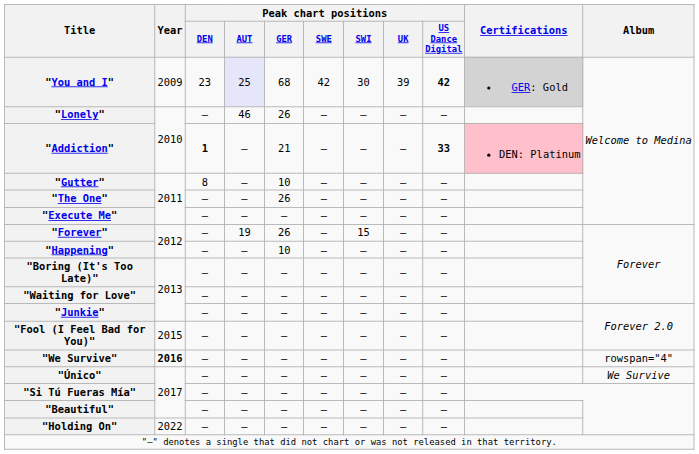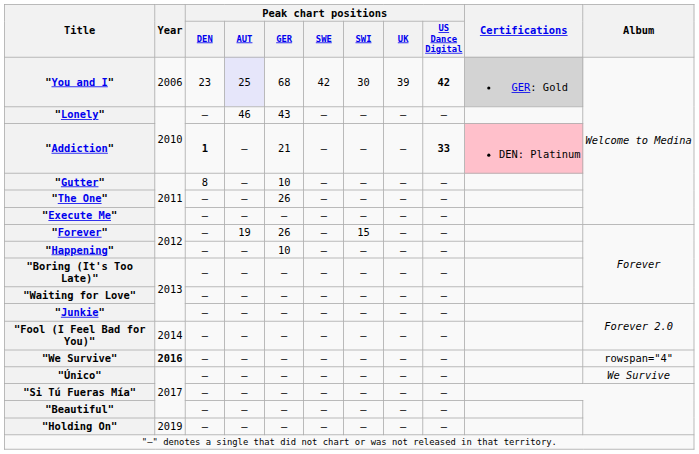 <table class="wikitable plainrowheaders" style="text-align:center;" border="1">
 <tr>
 <th scope="col" rowspan="2" style="width:14em;">Title</th>
 <th scope="col" rowspan="2" style="width:1em;">Year</th>
 <th scope="col" colspan="7">Peak chart positions</th>
 <th scope="col" rowspan="2"><a href='#'>Certifications</a></th>
 <th scope="col" rowspan="2">Album</th>
 </tr>
 <tr>
 <th scope="col" style="width:4em;font-size:85%"><a href='#'>DEN</a><br></th>
 <th scope="col" style="width:4em;font-size:85%"><a href='#'>AUT</a><br></th>
 <th scope="col" style="width:4em;font-size:85%"><a href='#'>GER</a><br></th>
 <th scope="col" style="width:4em;font-size:85%"><a href='#'>SWE</a><br></th>
 <th scope="col" style="width:4em;font-size:85%"><a href='#'>SWI</a><br></th>
 <th scope="col" style="width:4em;font-size:85%"><a href='#'>UK</a><br></th>
 <th scope="col" style="width:4em;font-size:85%"><a href='#'>US<br>Dance Digital</a><br></th>
 </tr>
 <tr>
 <th scope="row">"<a href='#'>You and I</a>"</th>
-<td>2009</td>
+<td>2006</td>
 <td>23</td>
 <td style="background: lavender;">25</td>
 <td>68</td>
 <td>42</td>
 <td>30</td>
 <td>39</td>
 <td><strong>42</strong></td>
 <td style="background: lightgrey;"><br><ul><li><a href='#'>GER</a>: Gold</li></ul></td>
 <td rowspan="6"><em>Welcome to Medina</em><br></td>
 </tr>
 <tr>
 <th scope="row">"<a href='#'>Lonely</a>"</th>
 <td rowspan="2">2010</td>
 <td>—</td>
 <td>46</td>
-<td>26</td>
+<td>43</td>
 <td>—</td>
 <td>—</td>
 <td>—</td>
 <td>—</td>
 <td></td>
 </tr>
 <tr>
 <th scope="row">"<a href='#'>Addiction</a>"</th>
 <td><strong>1</strong></td>
 <td>—</td>
 <td>21</td>
 <td>—</td>
 <td>—</td>
 <td>—</td>
 <td><strong>33</strong></td>
 <td style="background: pink;"><br><ul><li>DEN: Platinum</li></ul></td>
 </tr>
 <tr>
 <th scope="row">"<a href='#'>Gutter</a>"</th>
 <td rowspan="3">2011</td>
 <td>8</td>
 <td>—</td>
 <td>10</td>
 <td>—</td>
 <td>—</td>
 <td>—</td>
 <td>—</td>
 <td></td>
 </tr>
 <tr>
 <th scope="row">"<a href='#'>The One</a>"</th>
 <td>—</td>
 <td>—</td>
 <td>26</td>
 <td>—</td>
 <td>—</td>
 <td>—</td>
 <td>—</td>
 <td></td>
 </tr>
 <tr>
 <th scope="row">"<a href='#'>Execute Me</a>"</th>
 <td>—</td>
 <td>—</td>
 <td>—</td>
 <td>—</td>
 <td>—</td>
 <td>—</td>
 <td>—</td>
 <td></td>
 </tr>
 <tr>
 <th scope="row">"<a href='#'>Forever</a>"</th>
 <td rowspan="2">2012</td>
 <td>—</td>
 <td>19</td>
 <td>26</td>
 <td>—</td>
 <td>15</td>
 <td>—</td>
 <td>—</td>
 <td></td>
 <td rowspan="4"><em>Forever</em></td>
 </tr>
 <tr>
 <th scope="row">"<a href='#'>Happening</a>"</th>
 <td>—</td>
 <td>—</td>
 <td>10</td>
 <td>—</td>
 <td>—</td>
 <td>—</td>
 <td>—</td>
 <td></td>
 </tr>
 <tr>
 <th scope="row">"Boring (It's Too Late)"</th>
 <td rowspan="3">2013</td>
 <td>—</td>
 <td>—</td>
 <td>—</td>
 <td>—</td>
 <td>—</td>
 <td>—</td>
 <td>—</td>
 <td></td>
 </tr>
 <tr>
 <th scope="row">"Waiting for Love"</th>
 <td>—</td>
 <td>—</td>
 <td>—</td>
 <td>—</td>
 <td>—</td>
 <td>—</td>
 <td>—</td>
 <td></td>
 </tr>
 <tr>
 <th scope="row">"<a href='#'>Junkie</a>" <br></th>
 <td>—</td>
 <td>—</td>
 <td>—</td>
 <td>—</td>
 <td>—</td>
 <td>—</td>
 <td>—</td>
 <td></td>
 <td rowspan="2"><em>Forever 2.0</em></td>
 </tr>
 <tr>
 <th scope="row">"Fool (I Feel Bad for You)"</th>
-<td>2015</td>
+<td>2014</td>
 <td>—</td>
 <td>—</td>
 <td>—</td>
 <td>—</td>
 <td>—</td>
 <td>—</td>
 <td>—</td>
 <td></td>
 </tr>
 <tr>
 <th scope="row">"We Survive"</th>
 <td><strong>2016</strong></td>
 <td>—</td>
 <td>—</td>
 <td>—</td>
 <td>—</td>
 <td>—</td>
 <td>—</td>
 <td>—</td>
 <td></td>
 <td>rowspan="4" </td>
 </tr>
 <tr>
 <th scope="row">"Único"</th>
 <td rowspan=3>2017</td>
 <td>—</td>
 <td>—</td>
 <td>—</td>
 <td>—</td>
 <td>—</td>
 <td>—</td>
 <td>—</td>
 <td></td>
 <td><em>We Survive</em></td>
 </tr>
 <tr>
 <th scope="row">"Si Tú Fueras Mía"<br></th>
 <td>—</td>
 <td>—</td>
 <td>—</td>
 <td>—</td>
 <td>—</td>
 <td>—</td>
 <td>—</td>
 </tr>
 <tr>
 <th scope="row">"Beautiful"</th>
 <td>—</td>
 <td>—</td>
 <td>—</td>
 <td>—</td>
 <td>—</td>
 <td>—</td>
 <td>—</td>
 <td></td>
 </tr>
 <tr>
 <th scope="row">"Holding On"</th>
-<td>2022</td>
+<td>2019</td>
 <td>—</td>
 <td>—</td>
 <td>—</td>
 <td>—</td>
 <td>—</td>
 <td>—</td>
 <td>—</td>
 <td></td>
 </tr>
 <tr>
 <td colspan="18" style="font-size:85%">"—" denotes a single that did not chart or was not released in that territory.</td>
 </tr>
 </table>
